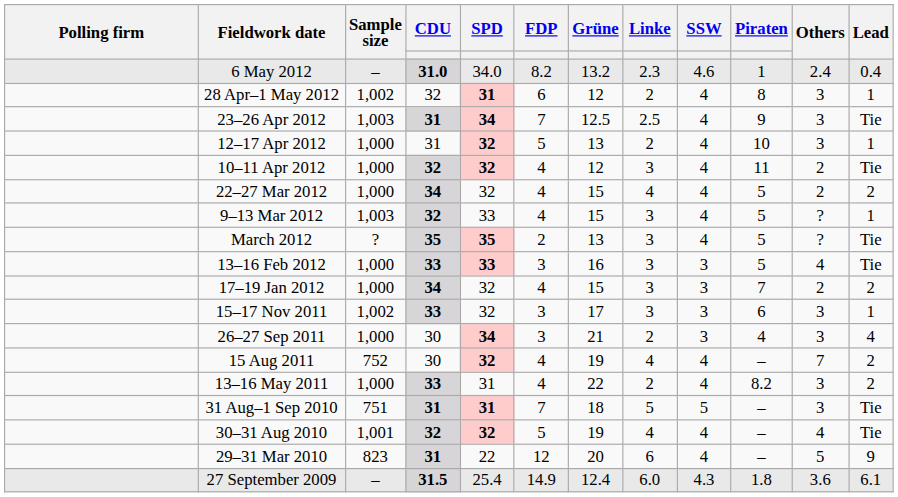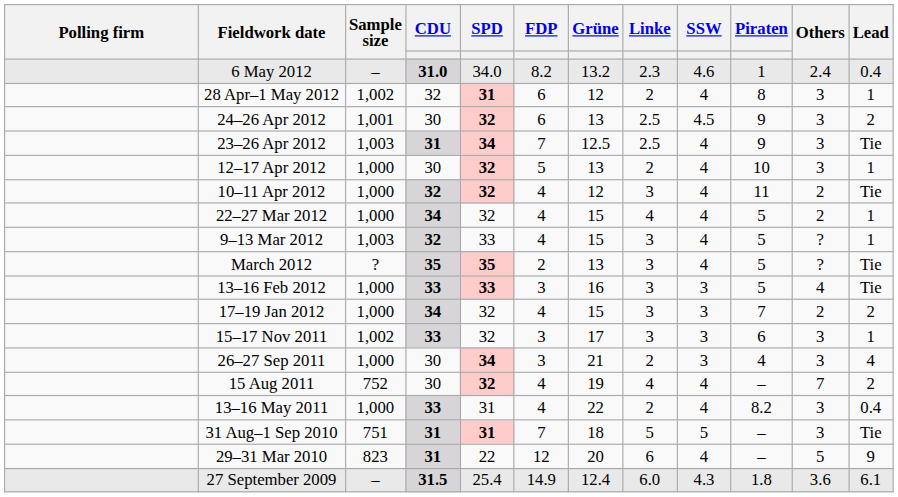 <table class="wikitable sortable" style="text-align:center;font-size:90%;line-height:14px;">
 <tr style="height:40px;">
 <th style="width:160px;" rowspan="2">Polling firm</th>
 <th style="width:120px;" rowspan="2">Fieldwork date</th>
 <th style="width:35px;" rowspan="2">Sample<br>size</th>
 <th class="unsortable" style="width:40px;"><a href='#'>CDU</a></th>
 <th class="unsortable" style="width:40px;"><a href='#'>SPD</a></th>
 <th class="unsortable" style="width:40px;"><a href='#'>FDP</a></th>
 <th class="unsortable" style="width:40px;"><a href='#'>Grüne</a></th>
 <th class="unsortable" style="width:40px;"><a href='#'>Linke</a></th>
 <th class="unsortable" style="width:40px;"><a href='#'>SSW</a></th>
 <th class="unsortable" style="width:40px;"><a href='#'>Piraten</a></th>
 <th class="unsortable" style="width:40px;" rowspan="2">Others</th>
 <th style="width:30px;" rowspan="2">Lead</th>
 </tr>
 <tr>
 <th style="background:"></th>
 <th style="background:"></th>
 <th style="background:"></th>
 <th style="background:"></th>
 <th style="background:"></th>
 <th style="background:"></th>
 <th style="background:"></th>
 </tr>
 <tr style="background:#E9E9E9;">
 <td></td>
 <td data-sort-value="2012-05-06">6 May 2012</td>
 <td>–</td>
 <td style="background:#D7D5D7;"><strong>31.0</strong></td>
 <td>34.0</td>
 <td>8.2</td>
 <td>13.2</td>
 <td>2.3</td>
 <td>4.6</td>
 <td>1</td>
 <td>2.4</td>
 <td style="background:">0.4</td>
 </tr>
 <tr>
 <td></td>
 <td data-sort-value="2012-05-02">28 Apr–1 May 2012</td>
 <td>1,002</td>
 <td>32</td>
 <td style="background:#FFCCCC;"><strong>31</strong></td>
 <td>6</td>
 <td>12</td>
 <td>2</td>
 <td>4</td>
 <td>8</td>
 <td>3</td>
 <td style="background:">1</td>
 </tr>
 <tr>
 <td></td>
+<td data-sort-value="2012-04-26">24–26 Apr 2012</td>
+<td>1,001</td>
+<td>30</td>
+<td style="background:#FFCCCC;"><strong>32</strong></td>
+<td>6</td>
+<td>13</td>
+<td>2.5</td>
+<td>4.5</td>
+<td>9</td>
+<td>3</td>
+<td style="background:">2</td>
+</tr>
+<tr>
+<td></td>
 <td data-sort-value="2012-04-27">23–26 Apr 2012</td>
 <td>1,003</td>
 <td style="background:#D7D5D7;"><strong>31</strong></td>
 <td style="background:#FFCCCC;"><strong>34</strong></td>
 <td>7</td>
 <td>12.5</td>
 <td>2.5</td>
 <td>4</td>
 <td>9</td>
 <td>3</td>
 <td data-sort-value="0">Tie</td>
 </tr>
 <tr>
 <td></td>
 <td data-sort-value="2012-04-19">12–17 Apr 2012</td>
 <td>1,000</td>
-<td>31</td>
+<td>30</td>
 <td style="background:#FFCCCC;"><strong>32</strong></td>
 <td>5</td>
 <td>13</td>
 <td>2</td>
 <td>4</td>
 <td>10</td>
 <td>3</td>
 <td style="background:">1</td>
 </tr>
 <tr>
 <td></td>
 <td data-sort-value="2012-04-12">10–11 Apr 2012</td>
 <td>1,000</td>
 <td style="background:#D7D5D7;"><strong>32</strong></td>
 <td style="background:#FFCCCC;"><strong>32</strong></td>
 <td>4</td>
 <td>12</td>
 <td>3</td>
 <td>4</td>
 <td>11</td>
 <td>2</td>
 <td data-sort-value="0">Tie</td>
 </tr>
 <tr>
 <td></td>
 <td data-sort-value="2012-03-29">22–27 Mar 2012</td>
 <td>1,000</td>
 <td style="background:#D7D5D7;"><strong>34</strong></td>
 <td>32</td>
 <td>4</td>
 <td>15</td>
 <td>4</td>
 <td>4</td>
 <td>5</td>
 <td>2</td>
-<td style="background:">2</td>
+<td style="background:">1</td>
 </tr>
 <tr>
 <td></td>
 <td data-sort-value="2012-03-16">9–13 Mar 2012</td>
 <td>1,003</td>
 <td style="background:#D7D5D7;"><strong>32</strong></td>
 <td>33</td>
 <td>4</td>
 <td>15</td>
 <td>3</td>
 <td>4</td>
 <td>5</td>
 <td>?</td>
 <td style="background:">1</td>
 </tr>
 <tr>
 <td></td>
 <td data-sort-value="2012-03-05">March 2012</td>
 <td>?</td>
 <td style="background:#D7D5D7;"><strong>35</strong></td>
 <td style="background:#FFCCCC;"><strong>35</strong></td>
 <td>2</td>
 <td>13</td>
 <td>3</td>
 <td>4</td>
 <td>5</td>
 <td>?</td>
 <td data-sort-value="0">Tie</td>
 </tr>
 <tr>
 <td></td>
 <td data-sort-value="2012-02-17">13–16 Feb 2012</td>
 <td>1,000</td>
 <td style="background:#D7D5D7;"><strong>33</strong></td>
 <td style="background:#FFCCCC;"><strong>33</strong></td>
 <td>3</td>
 <td>16</td>
 <td>3</td>
 <td>3</td>
 <td>5</td>
 <td>4</td>
 <td data-sort-value="0">Tie</td>
 </tr>
 <tr>
 <td></td>
 <td data-sort-value="2012-01-20">17–19 Jan 2012</td>
 <td>1,000</td>
 <td style="background:#D7D5D7;"><strong>34</strong></td>
 <td>32</td>
 <td>4</td>
 <td>15</td>
 <td>3</td>
 <td>3</td>
 <td>7</td>
 <td>2</td>
 <td style="background:">2</td>
 </tr>
 <tr>
 <td></td>
 <td data-sort-value="2011-11-18">15–17 Nov 2011</td>
 <td>1,002</td>
 <td style="background:#D7D5D7;"><strong>33</strong></td>
 <td>32</td>
 <td>3</td>
 <td>17</td>
 <td>3</td>
 <td>3</td>
 <td>6</td>
 <td>3</td>
 <td style="background:">1</td>
 </tr>
 <tr>
 <td></td>
 <td data-sort-value="2011-09-28">26–27 Sep 2011</td>
 <td>1,000</td>
 <td>30</td>
 <td style="background:#FFCCCC;"><strong>34</strong></td>
 <td>3</td>
 <td>21</td>
 <td>2</td>
 <td>3</td>
 <td>4</td>
 <td>3</td>
 <td style="background:">4</td>
 </tr>
 <tr>
 <td></td>
 <td data-sort-value="2011-08-17">15 Aug 2011</td>
 <td>752</td>
 <td>30</td>
 <td style="background:#FFCCCC;"><strong>32</strong></td>
 <td>4</td>
 <td>19</td>
 <td>4</td>
 <td>4</td>
 <td>–</td>
 <td>7</td>
 <td style="background:">2</td>
 </tr>
 <tr>
 <td></td>
 <td data-sort-value="2011-05-17">13–16 May 2011</td>
 <td>1,000</td>
 <td style="background:#D7D5D7;"><strong>33</strong></td>
 <td>31</td>
 <td>4</td>
 <td>22</td>
 <td>2</td>
 <td>4</td>
 <td>8.2</td>
 <td>3</td>
-<td style="background:">2</td>
+<td style="background:">0.4</td>
 </tr>
 <tr>
 <td></td>
 <td data-sort-value="2010-09-02">31 Aug–1 Sep 2010</td>
 <td>751</td>
 <td style="background:#D7D5D7;"><strong>31</strong></td>
 <td style="background:#FFCCCC;"><strong>31</strong></td>
 <td>7</td>
 <td>18</td>
 <td>5</td>
 <td>5</td>
 <td>–</td>
 <td>3</td>
-<td data-sort-value="0">Tie</td>
-</tr>
-<tr>
-<td></td>
-<td data-sort-value="2010-09-01">30–31 Aug 2010</td>
-<td>1,001</td>
-<td style="background:#D7D5D7;"><strong>32</strong></td>
-<td style="background:#FFCCCC;"><strong>32</strong></td>
-<td>5</td>
-<td>19</td>
-<td>4</td>
-<td>4</td>
-<td>–</td>
-<td>4</td>
 <td data-sort-value="0">Tie</td>
 </tr>
 <tr>
 <td></td>
 <td data-sort-value="2010-04-03">29–31 Mar 2010</td>
 <td>823</td>
 <td style="background:#D7D5D7;"><strong>31</strong></td>
 <td>22</td>
 <td>12</td>
 <td>20</td>
 <td>6</td>
 <td>4</td>
 <td>–</td>
 <td>5</td>
 <td style="background:">9</td>
 </tr>
 <tr style="background:#E9E9E9;">
 <td></td>
 <td data-sort-value="2009-09-27">27 September 2009</td>
 <td>–</td>
 <td style="background:#D7D5D7;"><strong>31.5</strong></td>
 <td>25.4</td>
 <td>14.9</td>
 <td>12.4</td>
 <td>6.0</td>
 <td>4.3</td>
 <td>1.8</td>
 <td>3.6</td>
 <td style="background:">6.1</td>
 </tr>
 </table>
